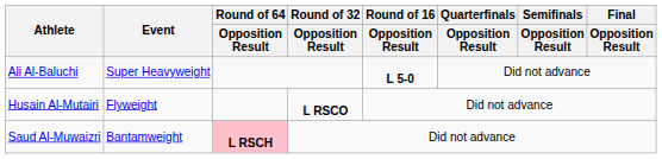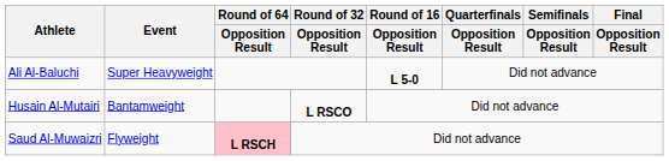 <table class="wikitable" style="font-size:90%">
 <tr>
 <th rowspan="2">Athlete</th>
 <th rowspan="2">Event</th>
 <th>Round of 64</th>
 <th>Round of 32</th>
 <th>Round of 16</th>
 <th>Quarterfinals</th>
 <th>Semifinals</th>
 <th>Final</th>
 </tr>
 <tr>
 <th>Opposition<br>Result</th>
 <th>Opposition<br>Result</th>
 <th>Opposition<br>Result</th>
 <th>Opposition<br>Result</th>
 <th>Opposition<br>Result</th>
 <th>Opposition<br>Result</th>
 </tr>
 <tr>
 <td><a href='#'>Ali Al-Baluchi</a></td>
 <td><a href='#'>Super Heavyweight</a></td>
 <td colspan=2></td>
 <td align=center><br><strong>L 5-0</strong></td>
 <td align=center colspan="3">Did not advance</td>
 </tr>
 <tr>
 <td><a href='#'>Husain Al-Mutairi</a></td>
-<td><a href='#'>Flyweight</a></td>
+<td><a href='#'>Bantamweight</a></td>
 <td></td>
 <td align=center><br><strong>L RSCO</strong></td>
 <td align=center colspan="4">Did not advance</td>
 </tr>
 <tr>
 <td><a href='#'>Saud Al-Muwaizri</a></td>
-<td><a href='#'>Bantamweight</a></td>
+<td><a href='#'>Flyweight</a></td>
 <td align=center style="background: pink;"><br><strong>L RSCH</strong></td>
 <td align=center colspan="5">Did not advance</td>
 </tr>
 </table>
